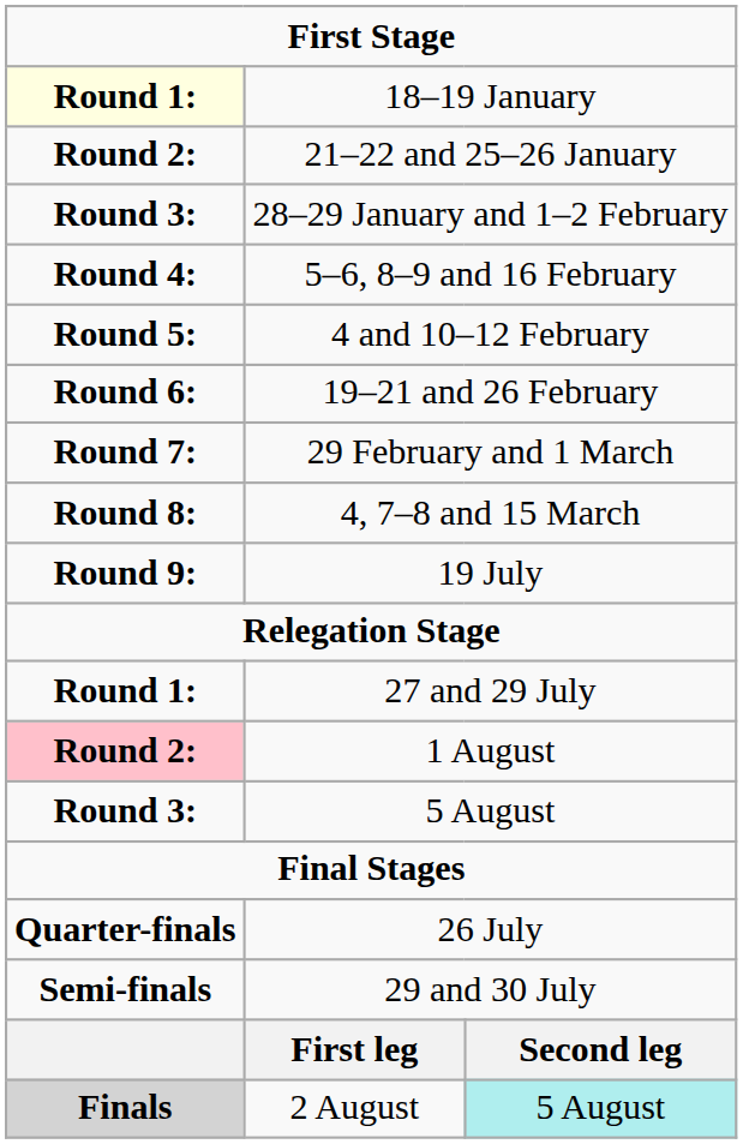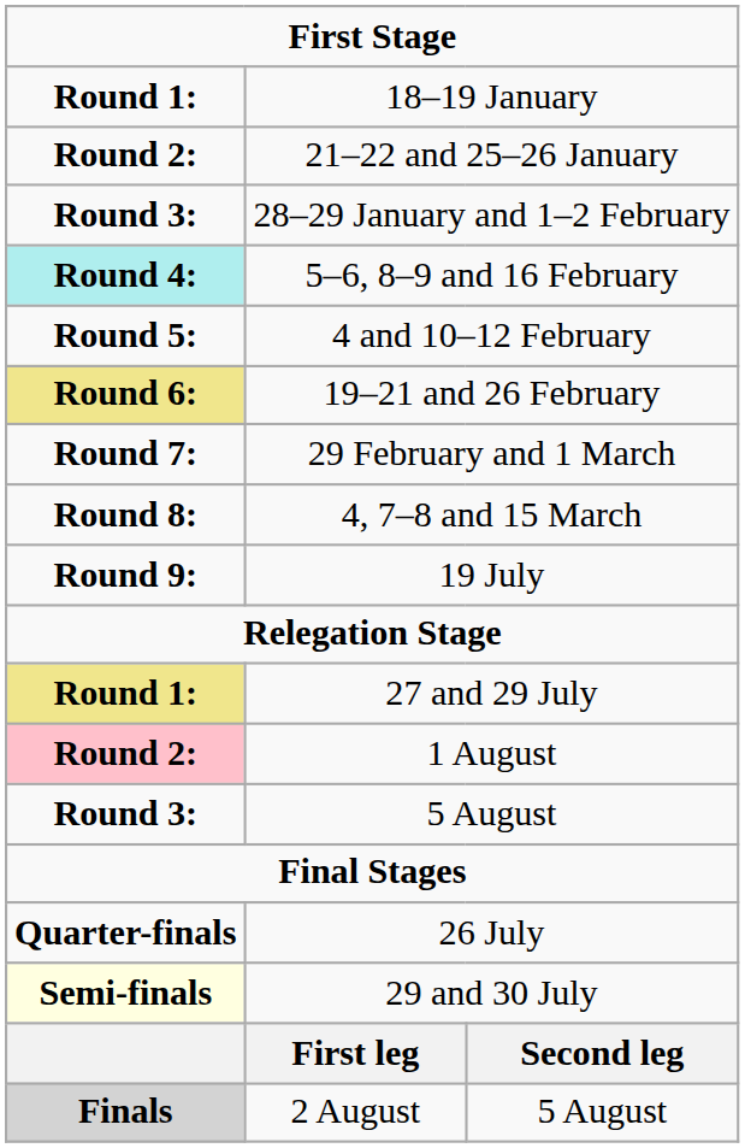 <table class=wikitable style="text-align:center; font-size:90%">
 <tr>
 <td colspan=3><strong>First Stage</strong></td>
 </tr>
 <tr>
-<td style="background: lightyellow;"><strong>Round 1:</strong></td>
+<td><strong>Round 1:</strong></td>
 <td colspan=2>18–19 January</td>
 </tr>
 <tr>
 <td><strong>Round 2:</strong></td>
 <td colspan=2>21–22 and 25–26 January</td>
 </tr>
 <tr>
 <td><strong>Round 3:</strong></td>
 <td colspan=2>28–29 January and 1–2 February</td>
 </tr>
 <tr>
-<td><strong>Round 4:</strong></td>
+<td style="background: paleturquoise;"><strong>Round 4:</strong></td>
 <td colspan=2>5–6, 8–9 and 16 February</td>
 </tr>
 <tr>
 <td><strong>Round 5:</strong></td>
 <td colspan=2>4 and 10–12 February</td>
 </tr>
 <tr>
-<td><strong>Round 6:</strong></td>
+<td style="background: khaki;"><strong>Round 6:</strong></td>
 <td colspan=2>19–21 and 26 February</td>
 </tr>
 <tr>
 <td><strong>Round 7:</strong></td>
 <td colspan=2>29 February and 1 March</td>
 </tr>
 <tr>
 <td><strong>Round 8:</strong></td>
 <td colspan=2>4, 7–8 and 15 March</td>
 </tr>
 <tr>
 <td><strong>Round 9:</strong></td>
 <td colspan=2>19 July</td>
 </tr>
 <tr>
 <td colspan=3><strong>Relegation Stage</strong></td>
 </tr>
 <tr>
-<td><strong>Round 1:</strong></td>
+<td style="background: khaki;"><strong>Round 1:</strong></td>
 <td colspan=2>27 and 29 July</td>
 </tr>
 <tr>
 <td style="background: pink;"><strong>Round 2:</strong></td>
 <td colspan=2>1 August</td>
 </tr>
 <tr>
 <td><strong>Round 3:</strong></td>
 <td colspan=2>5 August</td>
 </tr>
 <tr>
 <td colspan=3><strong>Final Stages</strong></td>
 </tr>
 <tr>
 <td><strong>Quarter-finals</strong></td>
 <td colspan=2>26 July</td>
 </tr>
 <tr>
-<td><strong>Semi-finals</strong></td>
+<td style="background: lightyellow;"><strong>Semi-finals</strong></td>
 <td colspan=2>29 and 30 July</td>
 </tr>
 <tr>
 <th></th>
 <th>First leg</th>
 <th>Second leg</th>
 </tr>
 <tr>
 <td style="background: lightgrey;"><strong>Finals</strong></td>
 <td>2 August</td>
-<td style="background: paleturquoise;">5 August</td>
+<td>5 August</td>
 </tr>
 </table>
